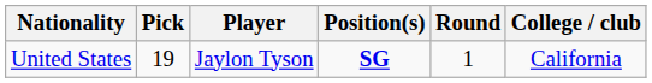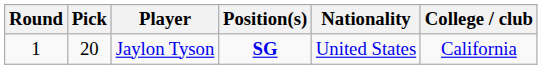 <table class="wikitable sortable sortable">
 <tr>
-<th>Nationality</th>
+<th>Round</th>
 <th>Pick</th>
 <th>Player</th>
 <th>Position(s)</th>
-<th>Round</th>
+<th>Nationality</th>
 <th>College / club</th>
 </tr>
 <tr style="text-align:center">
-<td> <a href='#'>United States</a></td>
-<td>19</td>
+<td>1</td>
+<td>20</td>
 <td><a href='#'>Jaylon Tyson</a></td>
 <td><strong><a href='#'>SG</a></strong></td>
-<td>1</td>
+<td> <a href='#'>United States</a></td>
 <td><a href='#'>California</a></td>
 </tr>
 </table>
